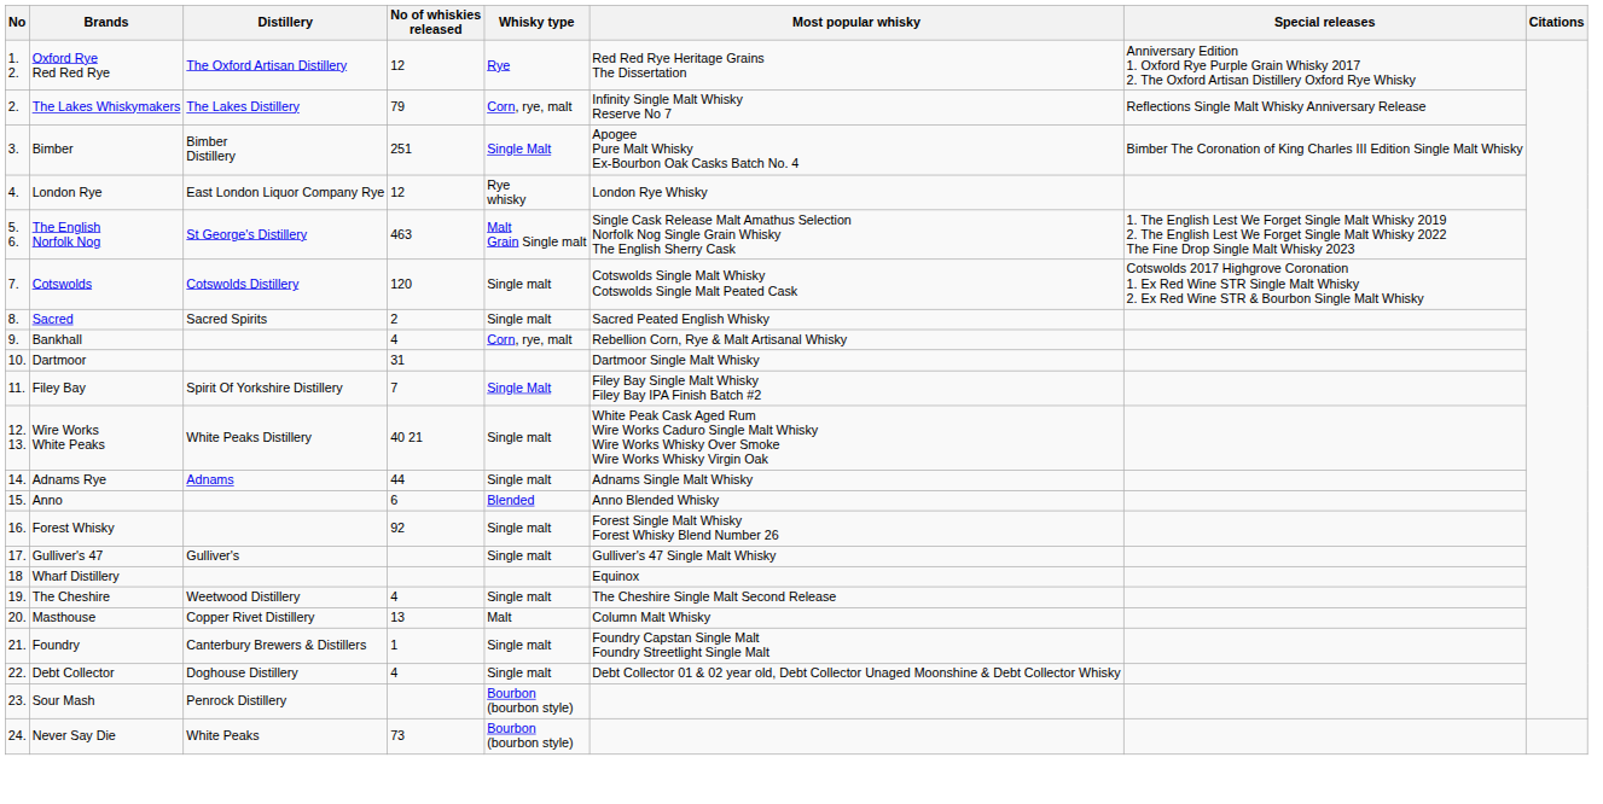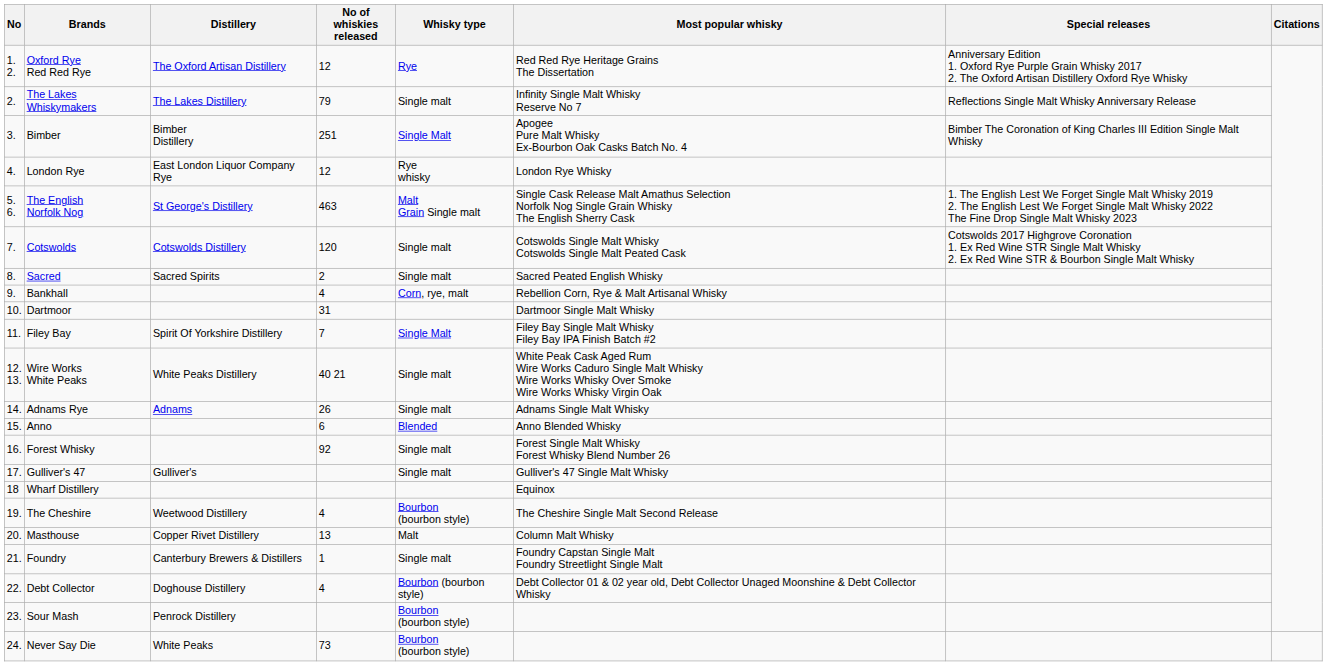 <table class="wikitable">
 <tr>
 <th>No</th>
 <th>Brands</th>
 <th>Distillery</th>
 <th>No of whiskies<br>released</th>
 <th>Whisky type</th>
 <th>Most popular whisky</th>
 <th>Special releases</th>
 <th>Citations</th>
 </tr>
 <tr>
 <td>1.<br>2.</td>
 <td><a href='#'>Oxford Rye</a><br>Red Red Rye</td>
 <td><a href='#'>The Oxford Artisan Distillery</a></td>
 <td>12</td>
 <td><a href='#'>Rye</a></td>
 <td>Red Red Rye Heritage Grains<br>The Dissertation</td>
 <td>Anniversary Edition<br>1. Oxford Rye  Purple Grain Whisky 2017<br>2. The Oxford Artisan Distillery Oxford Rye Whisky</td>
 <td rowspan="21"></td>
 </tr>
 <tr>
 <td>2.</td>
 <td><a href='#'>The Lakes Whiskymakers</a></td>
 <td><a href='#'>The Lakes Distillery</a></td>
 <td>79</td>
-<td><a href='#'>Corn</a>, rye, malt</td>
+<td>Single malt</td>
 <td>Infinity Single Malt Whisky<br>Reserve No 7</td>
 <td>Reflections Single Malt Whisky Anniversary Release</td>
 </tr>
 <tr>
 <td>3.</td>
 <td>Bimber</td>
 <td>Bimber<br>Distillery</td>
 <td>251</td>
 <td><a href='#'>Single Malt</a></td>
 <td>Apogee<br>Pure Malt Whisky<br>Ex-Bourbon Oak Casks Batch No. 4</td>
 <td>Bimber The Coronation of King Charles III Edition Single Malt Whisky </td>
 </tr>
 <tr>
 <td>4.</td>
 <td>London Rye</td>
 <td>East London Liquor Company Rye</td>
 <td>12</td>
 <td>Rye<br>whisky</td>
 <td>London Rye Whisky</td>
 <td></td>
 </tr>
 <tr>
 <td>5.<br>6.</td>
 <td><a href='#'>The English</a><br><a href='#'>Norfolk Nog</a></td>
 <td><a href='#'>St George's Distillery</a></td>
 <td>463</td>
 <td><a href='#'>Malt</a><br><a href='#'>Grain</a> Single malt</td>
 <td>Single Cask Release Malt Amathus Selection<br>Norfolk Nog Single Grain Whisky<br>The English Sherry Cask</td>
 <td>1. The English  Lest We Forget Single Malt Whisky 2019<br>2. The English  Lest We Forget Single Malt Whisky 2022<br>The Fine Drop Single Malt Whisky 2023</td>
 </tr>
 <tr>
 <td>7.</td>
 <td><a href='#'>Cotswolds</a></td>
 <td><a href='#'>Cotswolds Distillery</a></td>
 <td>120</td>
 <td>Single malt</td>
 <td>Cotswolds Single Malt Whisky<br>Cotswolds Single Malt Peated Cask</td>
 <td>Cotswolds 2017 Highgrove Coronation<br>1. Ex Red Wine STR Single Malt Whisky<br>2. Ex Red Wine STR  & Bourbon Single Malt Whisky</td>
 </tr>
 <tr>
 <td>8.</td>
 <td><a href='#'>Sacred</a></td>
 <td>Sacred Spirits</td>
 <td>2</td>
 <td>Single malt</td>
 <td>Sacred Peated English Whisky</td>
 <td></td>
 </tr>
 <tr>
 <td>9.</td>
 <td>Bankhall</td>
 <td></td>
 <td>4</td>
 <td><a href='#'>Corn</a>, rye, malt</td>
 <td>Rebellion Corn, Rye & Malt Artisanal Whisky</td>
 <td></td>
 </tr>
 <tr>
 <td>10.</td>
 <td>Dartmoor</td>
 <td></td>
 <td>31</td>
 <td></td>
 <td>Dartmoor Single Malt Whisky</td>
 <td></td>
 </tr>
 <tr>
 <td>11.</td>
 <td>Filey Bay</td>
 <td>Spirit Of Yorkshire Distillery</td>
 <td>7</td>
 <td><a href='#'>Single Malt</a></td>
 <td>Filey Bay Single Malt Whisky<br>Filey Bay IPA Finish Batch #2</td>
 <td></td>
 </tr>
 <tr>
 <td>12.<br>13.</td>
 <td>Wire Works<br>White Peaks</td>
 <td>White Peaks Distillery</td>
 <td>40 21</td>
 <td>Single malt</td>
 <td>White Peak Cask Aged Rum<br>Wire Works Caduro Single Malt Whisky<br>Wire Works Whisky Over Smoke<br>Wire Works Whisky Virgin Oak</td>
 <td></td>
 </tr>
 <tr>
 <td>14.</td>
 <td>Adnams Rye</td>
 <td><a href='#'>Adnams</a></td>
-<td>44</td>
+<td>26</td>
 <td>Single malt</td>
 <td>Adnams Single Malt Whisky</td>
 <td></td>
 </tr>
 <tr>
 <td>15.</td>
 <td>Anno</td>
 <td></td>
 <td>6 </td>
 <td><a href='#'>Blended</a></td>
 <td>Anno Blended Whisky</td>
 <td></td>
 </tr>
 <tr>
 <td>16.</td>
 <td>Forest Whisky</td>
 <td></td>
 <td>92</td>
 <td>Single malt</td>
 <td>Forest Single Malt Whisky<br>Forest Whisky Blend Number 26</td>
 <td></td>
 </tr>
 <tr>
 <td>17.</td>
 <td>Gulliver's 47</td>
 <td>Gulliver's</td>
 <td></td>
 <td>Single malt</td>
 <td>Gulliver's 47 Single Malt Whisky</td>
 <td></td>
 </tr>
 <tr>
 <td>18</td>
 <td>Wharf Distillery</td>
 <td></td>
 <td></td>
 <td></td>
 <td>Equinox</td>
 <td></td>
 </tr>
 <tr>
 <td>19.</td>
 <td>The Cheshire</td>
 <td>Weetwood Distillery</td>
 <td>4</td>
-<td>Single malt</td>
+<td><a href='#'>Bourbon</a><br>(bourbon style)</td>
 <td>The Cheshire Single Malt Second Release</td>
 <td></td>
 </tr>
 <tr>
 <td>20.</td>
 <td>Masthouse</td>
 <td>Copper Rivet Distillery</td>
 <td>13</td>
 <td>Malt</td>
 <td>Column Malt Whisky</td>
 <td></td>
 </tr>
 <tr>
 <td>21.</td>
 <td>Foundry</td>
 <td>Canterbury Brewers & Distillers</td>
 <td>1</td>
 <td>Single malt</td>
 <td>Foundry Capstan Single Malt<br>Foundry Streetlight Single Malt</td>
 <td></td>
 </tr>
 <tr>
 <td>22.</td>
 <td>Debt Collector</td>
 <td>Doghouse Distillery</td>
 <td>4</td>
-<td>Single malt</td>
+<td><a href='#'>Bourbon</a> (bourbon style)</td>
 <td>Debt Collector 01 & 02 year old, Debt Collector Unaged Moonshine & Debt Collector Whisky</td>
 <td></td>
 </tr>
 <tr>
 <td>23.</td>
 <td>Sour Mash</td>
 <td>Penrock Distillery</td>
 <td></td>
 <td><a href='#'>Bourbon</a><br>(bourbon style)</td>
 <td></td>
 <td></td>
 </tr>
 <tr>
 <td>24.</td>
 <td>Never Say Die</td>
 <td>White Peaks</td>
 <td>73</td>
 <td><a href='#'>Bourbon</a><br>(bourbon style)</td>
 <td></td>
 <td></td>
 <td></td>
 </tr>
 </table>
